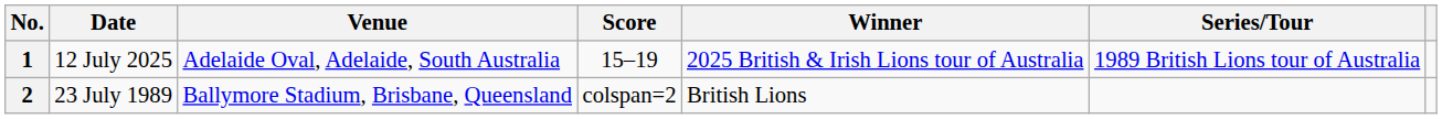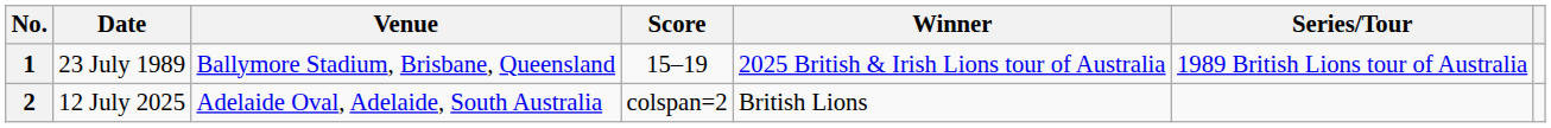 <table class="wikitable">
 <tr>
 <th>No.</th>
 <th>Date</th>
 <th>Venue</th>
 <th>Score</th>
 <th>Winner</th>
 <th>Series/Tour</th>
 <th></th>
 </tr>
 <tr>
 <th>1</th>
-<td>12 July 2025</td>
-<td><a href='#'>Adelaide Oval</a>, <a href='#'>Adelaide</a>, <a href='#'>South Australia</a></td>
+<td>23 July 1989</td>
+<td><a href='#'>Ballymore Stadium</a>, <a href='#'>Brisbane</a>, <a href='#'>Queensland</a></td>
 <td style="text-align:center">15–19</td>
 <td><a href='#'>2025 British & Irish Lions tour of Australia</a></td>
 <td><a href='#'>1989 British Lions tour of Australia</a></td>
 <td style="text-align:center"></td>
 </tr>
 <tr>
 <th>2</th>
-<td>23 July 1989</td>
-<td><a href='#'>Ballymore Stadium</a>, <a href='#'>Brisbane</a>, <a href='#'>Queensland</a></td>
+<td>12 July 2025</td>
+<td><a href='#'>Adelaide Oval</a>, <a href='#'>Adelaide</a>, <a href='#'>South Australia</a></td>
 <td>colspan=2 </td>
 <td>British Lions</td>
 <td style="text-align:center"></td>
 </tr>
 </table>
